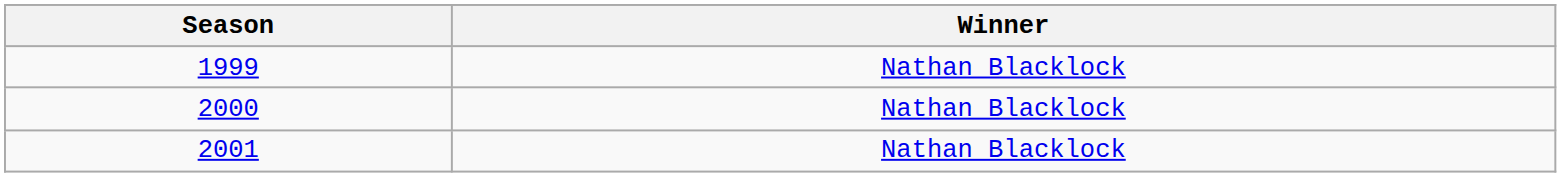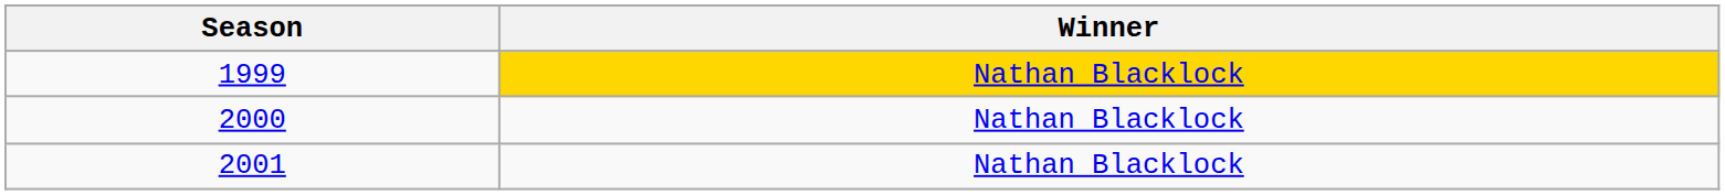 <table class="wikitable" width="50%" style="text-align: center;">
 <tr>
 <th>Season</th>
 <th>Winner</th>
 </tr>
 <tr>
 <td><a href='#'>1999</a></td>
-<td><a href='#'>Nathan Blacklock</a></td>
+<td style="background: gold;"><a href='#'>Nathan Blacklock</a></td>
 </tr>
 <tr>
 <td><a href='#'>2000</a></td>
 <td><a href='#'>Nathan Blacklock</a></td>
 </tr>
 <tr>
 <td><a href='#'>2001</a></td>
 <td><a href='#'>Nathan Blacklock</a></td>
 </tr>
 </table>
